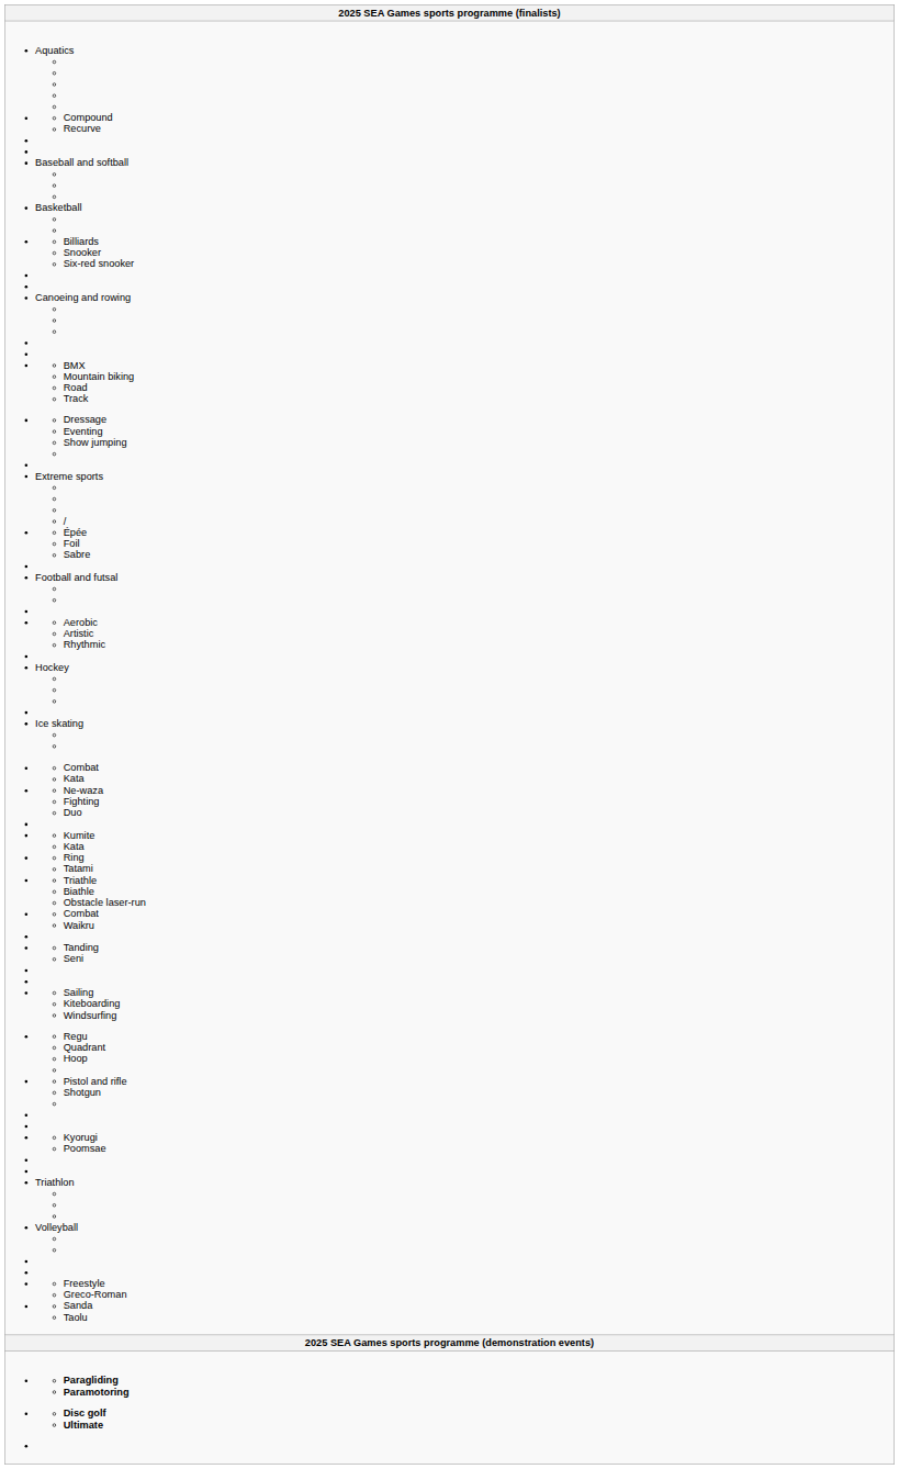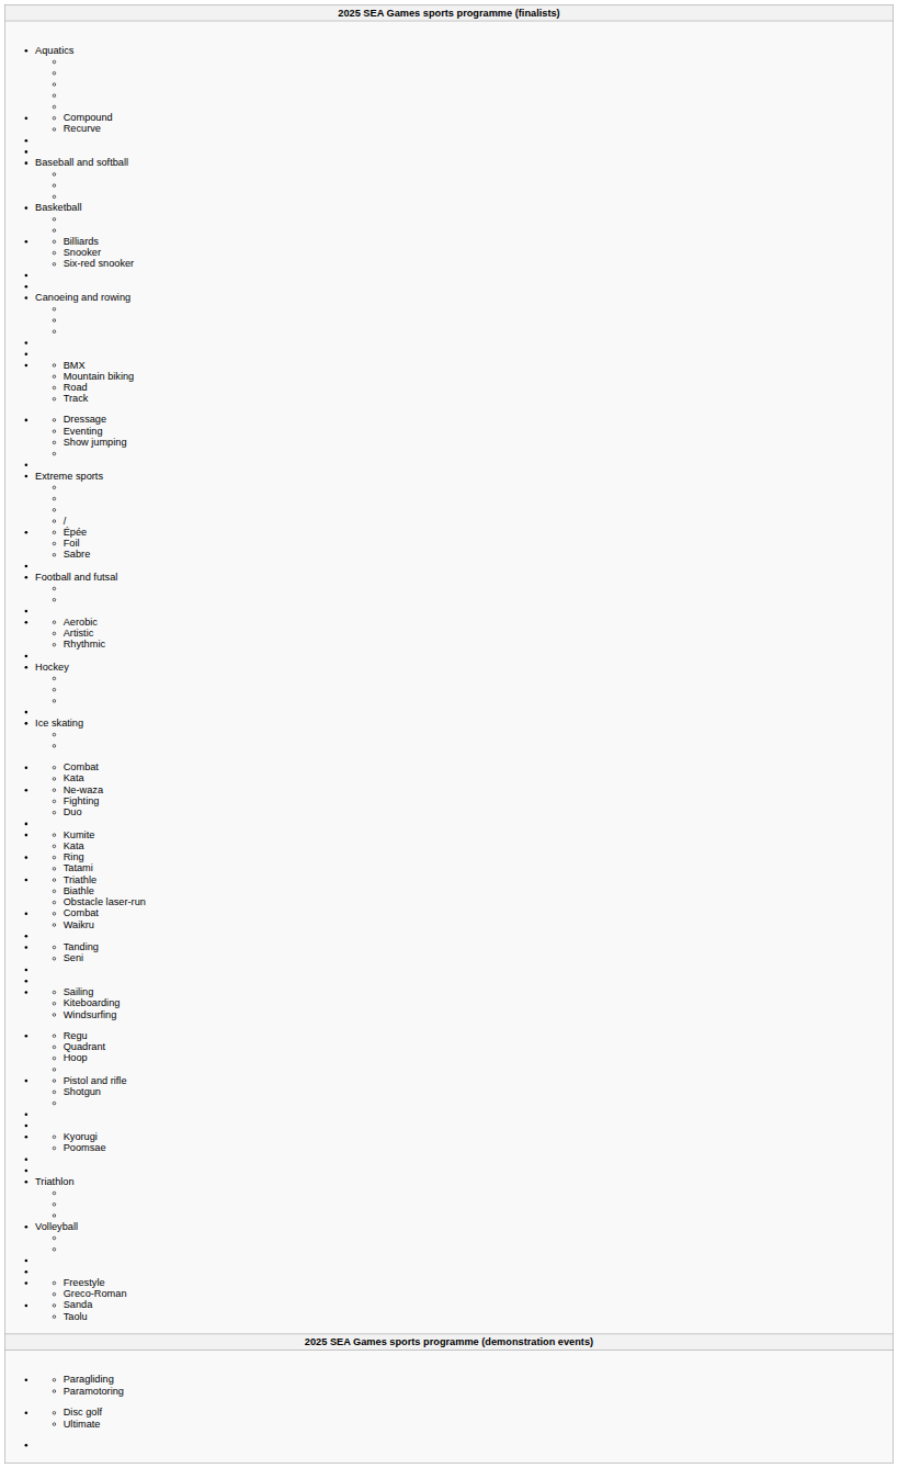 <table class="wikitable mw-collapsible mw-collapsed" style="white-space:nowrap; width:80%; font-size:90%;">
 <tr>
 <th>2025 SEA Games sports programme (finalists)</th>
 </tr>
 <tr>
 <td><br> <ul><li>Aquatics<ul><li></li><li></li><li></li><li></li><li></li></ul></li><li><ul><li>Compound</li><li>Recurve</li></ul></li><li></li><li></li><li>Baseball and softball<ul><li></li><li></li><li></li></ul></li><li>Basketball<ul><li></li><li></li></ul></li><li><ul><li>Billiards</li><li>Snooker</li><li>Six-red snooker</li></ul></li><li></li><li></li><li>Canoeing and rowing<ul><li></li><li></li><li></li></ul></li><li></li><li></li><li><ul><li>BMX</li><li>Mountain biking</li><li>Road</li><li>Track</li></ul></li></ul><ul><li><ul><li>Dressage</li><li>Eventing</li><li>Show jumping</li><li></li></ul></li><li></li><li>Extreme sports<ul><li></li><li></li><li></li><li>/</li></ul></li><li><ul><li>Épée</li><li>Foil</li><li>Sabre</li></ul></li><li></li><li>Football and futsal<ul><li></li><li></li></ul></li><li></li><li><ul><li>Aerobic</li><li>Artistic</li><li>Rhythmic</li></ul></li><li></li><li>Hockey<ul><li></li><li></li><li></li></ul></li><li></li><li>Ice skating<ul><li></li><li></li></ul></li></ul><ul><li><ul><li>Combat</li><li>Kata</li></ul></li><li><ul><li>Ne-waza</li><li>Fighting</li><li>Duo</li></ul></li><li></li><li><ul><li>Kumite</li><li>Kata</li></ul></li><li><ul><li>Ring</li><li>Tatami</li></ul></li><li><ul><li>Triathle</li><li>Biathle</li><li>Obstacle laser-run</li></ul></li><li><ul><li>Combat</li><li>Waikru</li></ul></li><li></li><li><ul><li>Tanding</li><li>Seni</li></ul></li><li></li><li></li><li><ul><li>Sailing</li><li>Kiteboarding</li><li>Windsurfing</li></ul></li></ul><ul><li><ul><li>Regu</li><li>Quadrant</li><li>Hoop</li><li></li></ul></li><li><ul><li>Pistol and rifle</li><li>Shotgun</li><li></li></ul></li><li></li><li></li><li><ul><li>Kyorugi</li><li>Poomsae</li></ul></li><li></li><li></li><li>Triathlon<ul><li></li><li></li><li></li></ul></li><li>Volleyball<ul><li></li><li></li></ul></li><li></li><li></li><li><ul><li>Freestyle</li><li>Greco-Roman</li></ul></li><li><ul><li>Sanda</li><li>Taolu</li></ul></li></ul></td>
 </tr>
 <tr>
 <th>2025 SEA Games sports programme (demonstration events)</th>
 </tr>
 <tr>
-<td><strong><br> <ul><li><ul><li>Paragliding</li><li>Paramotoring</li></ul></li></ul><ul><li><ul><li>Disc golf</li><li>Ultimate</li></ul></li></ul><ul><li></li></ul> </strong></td>
+<td><br> <ul><li><ul><li>Paragliding</li><li>Paramotoring</li></ul></li></ul><ul><li><ul><li>Disc golf</li><li>Ultimate</li></ul></li></ul><ul><li></li></ul> </td>
 </tr>
 </table>
